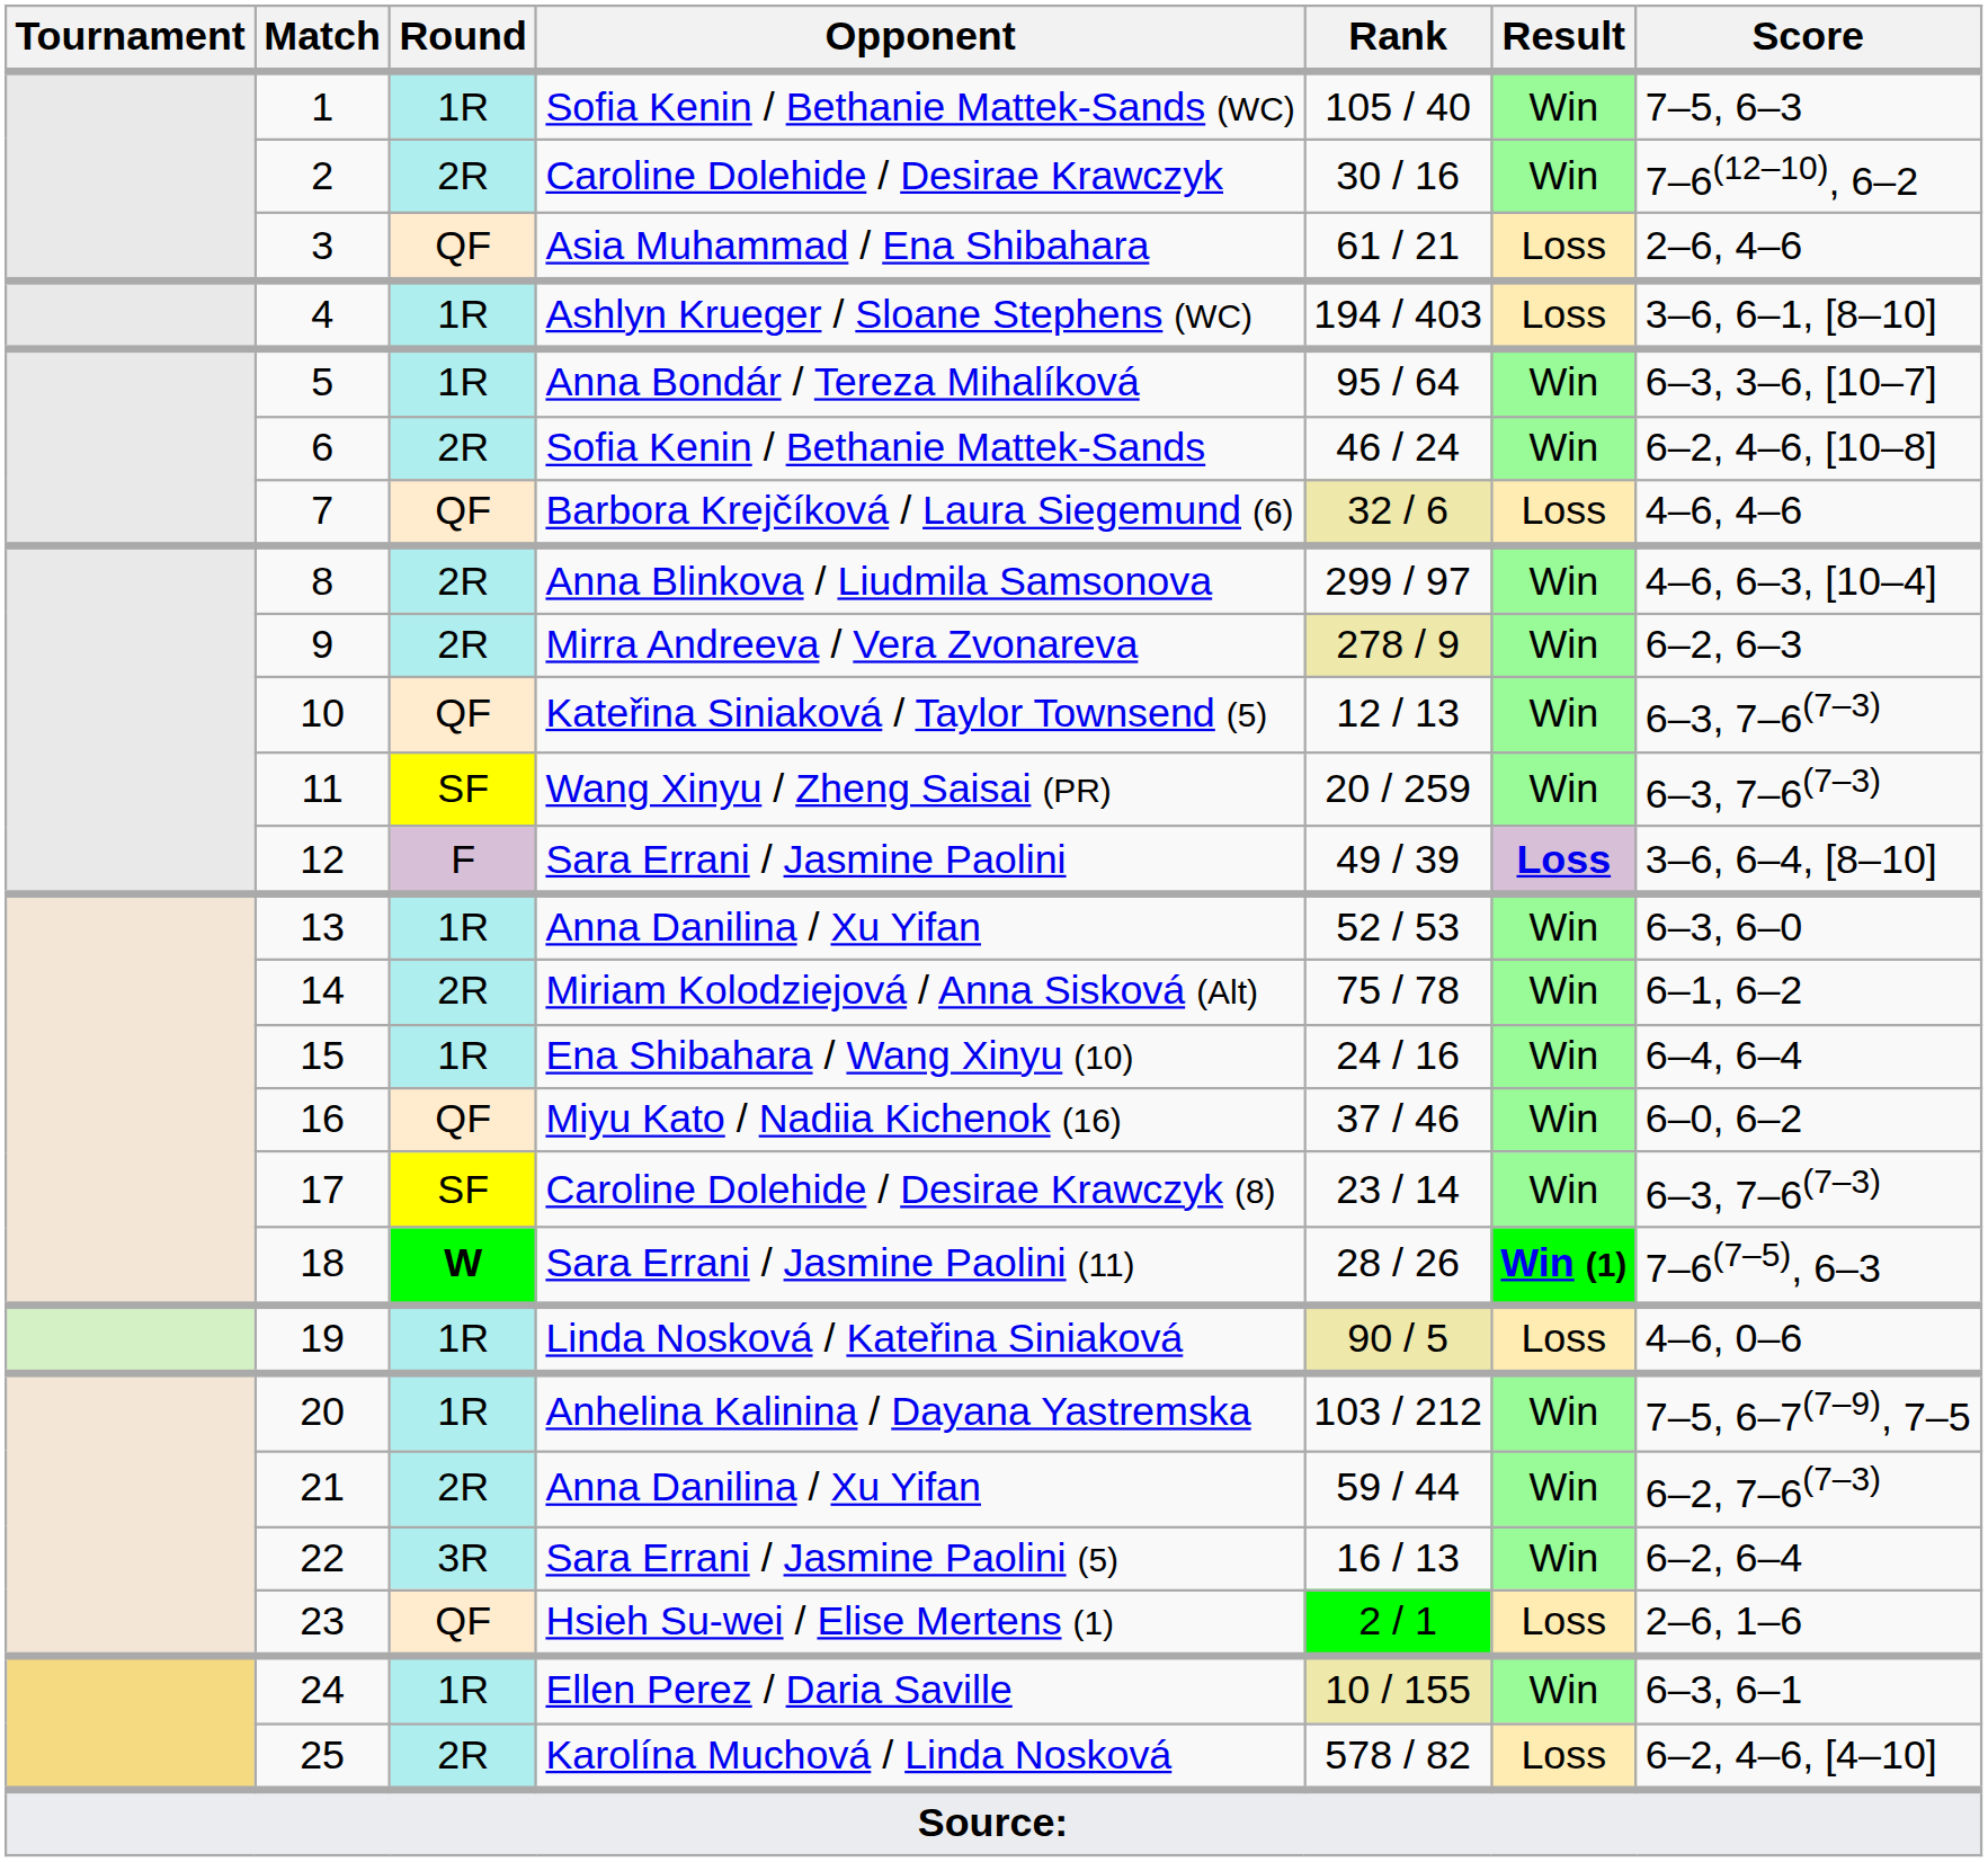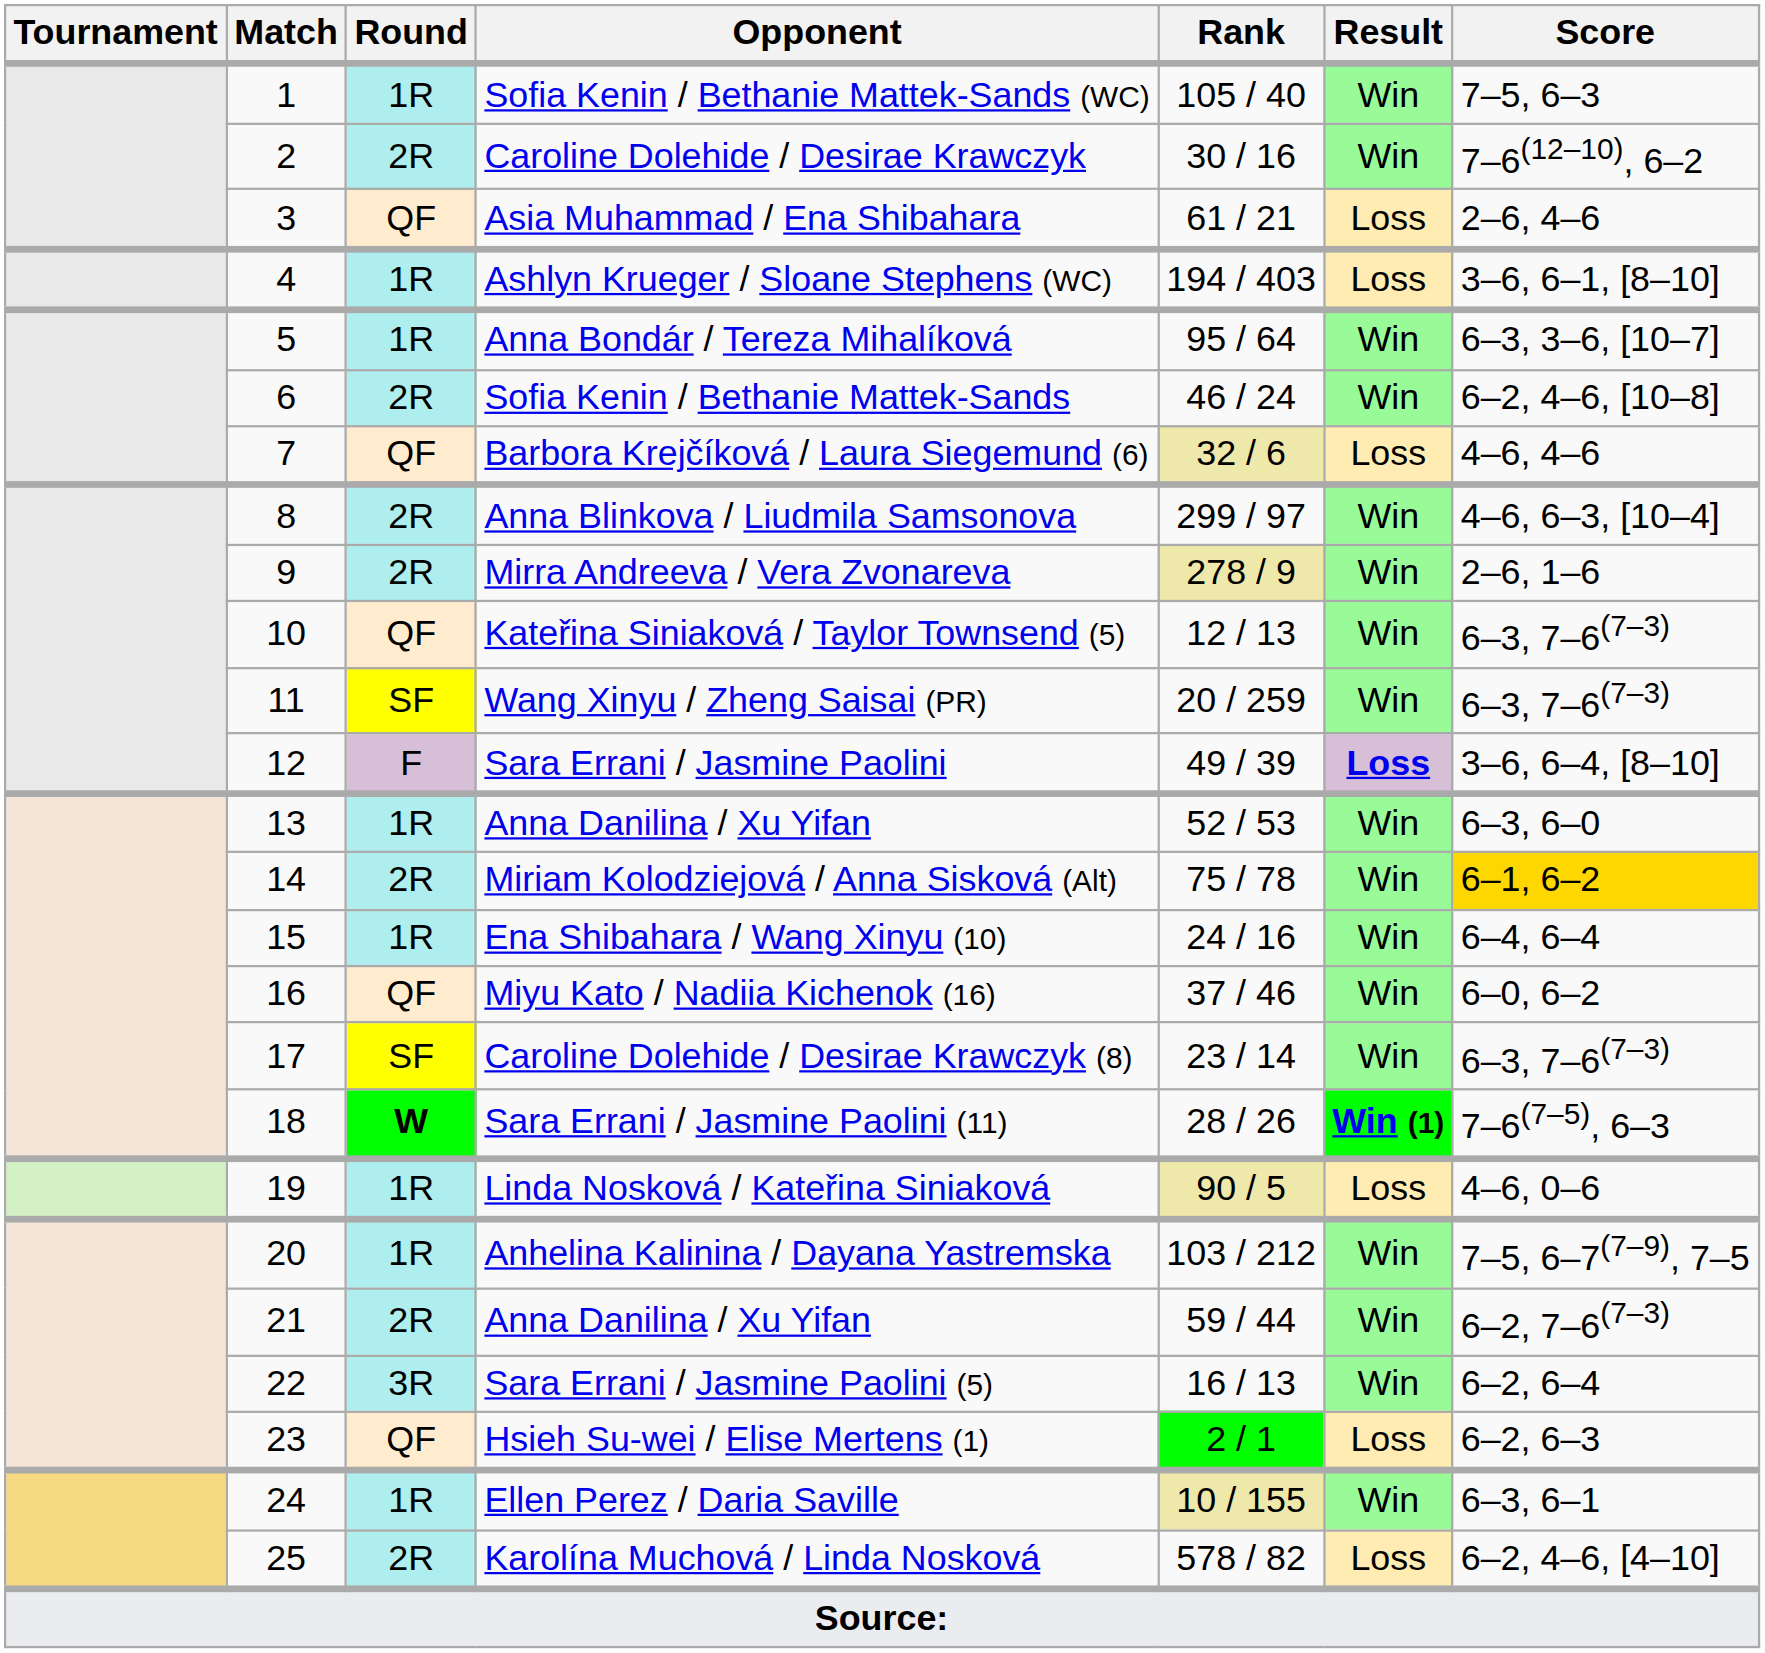 <table class="wikitable sortable">
 <tr>
 <th>Tournament</th>
 <th>Match</th>
 <th>Round</th>
 <th>Opponent</th>
 <th>Rank</th>
 <th>Result</th>
 <th>Score</th>
 </tr>
 <tr style="border-top:3px solid #aaaaaa">
 <td rowspan="3" style="background:#e9e9e9; text-align:left"></td>
 <td style="text-align:center">1</td>
 <td style="text-align:center; background:#afeeee">1R</td>
 <td> <a href='#'>Sofia Kenin</a> /  <a href='#'>Bethanie Mattek-Sands</a> <small>(WC)</small></td>
 <td style="text-align:center">105 / 40</td>
 <td style="text-align:center; background:#98fb98">Win</td>
 <td>7–5, 6–3</td>
 </tr>
 <tr>
 <td style="text-align:center">2</td>
 <td style="text-align:center; background:#afeeee">2R</td>
 <td> <a href='#'>Caroline Dolehide</a> /  <a href='#'>Desirae Krawczyk</a></td>
 <td style="text-align:center">30 / 16</td>
 <td style="text-align:center; background:#98fb98">Win</td>
 <td>7–6<sup>(12–10)</sup>, 6–2</td>
 </tr>
 <tr>
 <td style="text-align:center">3</td>
 <td style="text-align:center; background:#ffebcd">QF</td>
 <td> <a href='#'>Asia Muhammad</a> /  <a href='#'>Ena Shibahara</a></td>
 <td style="text-align:center">61 / 21</td>
 <td style="text-align:center; background:#ffecb2">Loss</td>
 <td>2–6, 4–6</td>
 </tr>
 <tr style="border-top:3px solid #aaaaaa">
 <td rowspan="1" style="background:#e9e9e9; text-align:left"></td>
 <td style="text-align:center">4</td>
 <td style="text-align:center; background:#afeeee">1R</td>
 <td> <a href='#'>Ashlyn Krueger</a> /  <a href='#'>Sloane Stephens</a> <small>(WC)</small></td>
 <td style="text-align:center">194 / 403</td>
 <td style="text-align:center; background:#ffecb2">Loss</td>
 <td>3–6, 6–1, [8–10]</td>
 </tr>
 <tr style="border-top:3px solid #aaaaaa">
 <td rowspan="3" style="background:#e9e9e9; text-align:left"></td>
 <td style="text-align:center">5</td>
 <td style="text-align:center; background:#afeeee">1R</td>
 <td> <a href='#'>Anna Bondár</a> /  <a href='#'>Tereza Mihalíková</a></td>
 <td style="text-align:center">95 / 64</td>
 <td style="text-align:center; background:#98fb98">Win</td>
 <td>6–3, 3–6, [10–7]</td>
 </tr>
 <tr>
 <td style="text-align:center">6</td>
 <td style="text-align:center; background:#afeeee">2R</td>
 <td> <a href='#'>Sofia Kenin</a> /  <a href='#'>Bethanie Mattek-Sands</a></td>
 <td style="text-align:center">46 / 24</td>
 <td style="text-align:center; background:#98fb98">Win</td>
 <td>6–2, 4–6, [10–8]</td>
 </tr>
 <tr>
 <td style="text-align:center">7</td>
 <td style="text-align:center; background:#ffebcd">QF</td>
 <td> <a href='#'>Barbora Krejčíková</a> /  <a href='#'>Laura Siegemund</a> <small>(6)</small></td>
 <td style="text-align:center; background:#eee8aa">32 / 6</td>
 <td style="text-align:center; background:#ffecb2">Loss</td>
 <td>4–6, 4–6</td>
 </tr>
 <tr style="border-top:3px solid #aaaaaa">
 <td rowspan="5" style="background:#e9e9e9; text-align:left"></td>
 <td style="text-align:center">8</td>
 <td style="text-align:center; background:#afeeee">2R</td>
 <td> <a href='#'>Anna Blinkova</a> /  <a href='#'>Liudmila Samsonova</a></td>
 <td style="text-align:center">299 / 97</td>
 <td style="text-align:center; background:#98fb98">Win</td>
 <td>4–6, 6–3, [10–4]</td>
 </tr>
 <tr>
 <td style="text-align:center">9</td>
 <td style="text-align:center; background:#afeeee">2R</td>
 <td> <a href='#'>Mirra Andreeva</a> /  <a href='#'>Vera Zvonareva</a></td>
 <td style="text-align:center; background:#eee8aa">278 / 9</td>
 <td style="text-align:center; background:#98fb98">Win</td>
-<td>6–2, 6–3</td>
+<td>2–6, 1–6</td>
 </tr>
 <tr>
 <td style="text-align:center">10</td>
 <td style="text-align:center; background:#ffebcd">QF</td>
 <td> <a href='#'>Kateřina Siniaková</a> /  <a href='#'>Taylor Townsend</a> <small>(5)</small></td>
 <td style="text-align:center">12 / 13</td>
 <td style="text-align:center; background:#98fb98">Win</td>
 <td>6–3, 7–6<sup>(7–3)</sup></td>
 </tr>
 <tr>
 <td style="text-align:center">11</td>
 <td style="text-align:center; background:yellow">SF</td>
 <td> <a href='#'>Wang Xinyu</a> /  <a href='#'>Zheng Saisai</a> <small>(PR)</small></td>
 <td style="text-align:center">20 / 259</td>
 <td style="text-align:center; background:#98fb98">Win</td>
 <td>6–3, 7–6<sup>(7–3)</sup></td>
 </tr>
 <tr>
 <td style="text-align:center">12</td>
 <td style="text-align:center; background:thistle">F</td>
 <td> <a href='#'>Sara Errani</a> /  <a href='#'>Jasmine Paolini</a></td>
 <td style="text-align:center">49 / 39</td>
 <td style="text-align:center; background:thistle"><strong><a href='#'>Loss</a></strong></td>
 <td>3–6, 6–4, [8–10]</td>
 </tr>
 <tr style="border-top:3px solid #aaaaaa">
 <td rowspan="6" style="background:#f3e6d7; text-align:left"></td>
 <td style="text-align:center">13</td>
 <td style="text-align:center; background:#afeeee">1R</td>
 <td> <a href='#'>Anna Danilina</a> /  <a href='#'>Xu Yifan</a></td>
 <td style="text-align:center">52 / 53</td>
 <td style="text-align:center; background:#98fb98">Win</td>
 <td>6–3, 6–0</td>
 </tr>
 <tr>
 <td style="text-align:center">14</td>
 <td style="text-align:center; background:#afeeee">2R</td>
 <td> <a href='#'>Miriam Kolodziejová</a> /  <a href='#'>Anna Sisková</a> <small>(Alt)</small></td>
 <td style="text-align:center">75 / 78</td>
 <td style="text-align:center; background:#98fb98">Win</td>
-<td>6–1, 6–2</td>
+<td style="background: gold;">6–1, 6–2</td>
 </tr>
 <tr>
 <td style="text-align:center">15</td>
 <td style="text-align:center; background:#afeeee">1R</td>
 <td> <a href='#'>Ena Shibahara</a> /  <a href='#'>Wang Xinyu</a> <small>(10)</small></td>
 <td style="text-align:center">24 / 16</td>
 <td style="text-align:center; background:#98fb98">Win</td>
 <td>6–4, 6–4</td>
 </tr>
 <tr>
 <td style="text-align:center">16</td>
 <td style="text-align:center; background:#ffebcd">QF</td>
 <td> <a href='#'>Miyu Kato</a> /  <a href='#'>Nadiia Kichenok</a> <small>(16)</small></td>
 <td style="text-align:center">37 / 46</td>
 <td style="text-align:center; background:#98fb98">Win</td>
 <td>6–0, 6–2</td>
 </tr>
 <tr>
 <td style="text-align:center">17</td>
 <td style="text-align:center; background:yellow">SF</td>
 <td> <a href='#'>Caroline Dolehide</a> /  <a href='#'>Desirae Krawczyk</a> <small>(8)</small></td>
 <td style="text-align:center">23 / 14</td>
 <td style="text-align:center; background:#98fb98">Win</td>
 <td>6–3, 7–6<sup>(7–3)</sup></td>
 </tr>
 <tr>
 <td style="text-align:center">18</td>
 <td style="text-align:center; background:lime"><strong>W</strong></td>
 <td> <a href='#'>Sara Errani</a> /  <a href='#'>Jasmine Paolini</a> <small>(11)</small></td>
 <td style="text-align:center">28 / 26</td>
 <td style="text-align:center; background:lime"><strong><a href='#'>Win</a> <small>(1)</small></strong></td>
 <td>7–6<sup>(7–5)</sup>, 6–3</td>
 </tr>
 <tr style="border-top:3px solid #aaaaaa">
 <td rowspan="1" style="background:#d4f1c5; text-align:left"></td>
 <td style="text-align:center">19</td>
 <td style="text-align:center; background:#afeeee">1R</td>
 <td> <a href='#'>Linda Nosková</a> /  <a href='#'>Kateřina Siniaková</a></td>
 <td style="text-align:center; background:#eee8aa">90 / 5</td>
 <td style="text-align:center; background:#ffecb2">Loss</td>
 <td>4–6, 0–6</td>
 </tr>
 <tr style="border-top:3px solid #aaaaaa">
 <td rowspan="4" style="background:#f3e6d7; text-align:left"></td>
 <td style="text-align:center">20</td>
 <td style="text-align:center; background:#afeeee">1R</td>
 <td> <a href='#'>Anhelina Kalinina</a> /  <a href='#'>Dayana Yastremska</a></td>
 <td style="text-align:center;">103 / 212</td>
 <td style="text-align:center; background:#98fb98">Win</td>
 <td>7–5, 6–7<sup>(7–9)</sup>, 7–5</td>
 </tr>
 <tr>
 <td style="text-align:center">21</td>
 <td style="text-align:center; background:#afeeee">2R</td>
 <td> <a href='#'>Anna Danilina</a> /  <a href='#'>Xu Yifan</a></td>
 <td style="text-align:center">59 / 44</td>
 <td style="text-align:center; background:#98fb98">Win</td>
 <td>6–2, 7–6<sup>(7–3)</sup></td>
 </tr>
 <tr>
 <td style="text-align:center">22</td>
 <td style="text-align:center; background:#afeeee">3R</td>
 <td> <a href='#'>Sara Errani</a> /  <a href='#'>Jasmine Paolini</a> <small>(5)</small></td>
 <td style="text-align:center">16 / 13</td>
 <td style="text-align:center; background:#98fb98">Win</td>
 <td>6–2, 6–4</td>
 </tr>
 <tr>
 <td style="text-align:center">23</td>
 <td style="text-align:center; background:#ffebcd">QF</td>
 <td> <a href='#'>Hsieh Su-wei</a> /  <a href='#'>Elise Mertens</a> <small>(1)</small></td>
 <td style="text-align:center; background:lime">2 / 1</td>
 <td style="text-align:center; background:#ffecb2">Loss</td>
-<td>2–6, 1–6</td>
+<td>6–2, 6–3</td>
 </tr>
 <tr style="border-top:3px solid #aaaaaa">
 <td rowspan="2" style="background:#f5da81; text-align:left"></td>
 <td style="text-align:center">24</td>
 <td style="text-align:center; background:#afeeee">1R</td>
 <td> <a href='#'>Ellen Perez</a> /  <a href='#'>Daria Saville</a></td>
 <td style="text-align:center; background:#eee8aa">10 / 155</td>
 <td style="text-align:center; background:#98fb98">Win</td>
 <td>6–3, 6–1</td>
 </tr>
 <tr>
 <td style="text-align:center">25</td>
 <td style="text-align:center; background:#afeeee">2R</td>
 <td> <a href='#'>Karolína Muchová</a> /  <a href='#'>Linda Nosková</a></td>
 <td style="text-align:center">578 / 82</td>
 <td style="text-align:center; background:#ffecb2">Loss</td>
 <td>6–2, 4–6, [4–10]</td>
 </tr>
 <tr style="border-top:3px solid #aaaaaa">
 <td colspan="7" style="background-color:#eaecf0;text-align:center"><strong>Source:</strong></td>
 </tr>
 </table>
